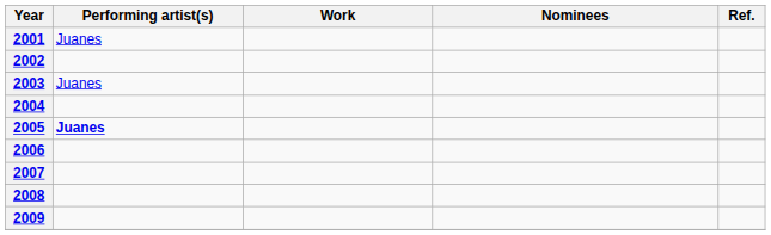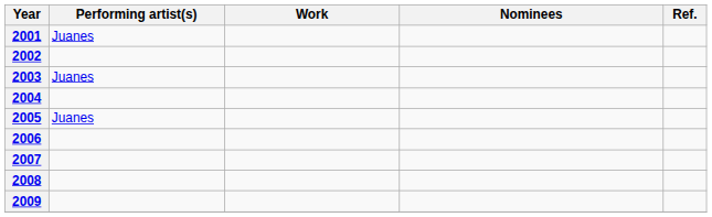 <table class="wikitable plainrowheaders sortable">
 <tr>
 <th scope="col" width="5%">Year</th>
 <th scope="col" width="20%">Performing artist(s)</th>
 <th scope="col" width="20%">Work</th>
 <th scope="col" class="unsortable" width="30%">Nominees</th>
 <th scope="col" class="unsortable" width="5%">Ref.</th>
 </tr>
 <tr>
 <th scope="row" style="text-align:center;"><a href='#'><strong>2001</strong></a></th>
 <td scope="row"><a href='#'>Juanes</a></td>
 <td scope="row"></td>
 <td scope="row"></td>
 <td align="center" scope="row"></td>
 </tr>
 <tr>
 <th scope="row" style="text-align:center;"><a href='#'><strong>2002</strong></a></th>
 <td scope="row"></td>
 <td scope="row"></td>
 <td scope="row"></td>
 <td align="center" scope="row"></td>
 </tr>
 <tr>
 <th scope="row" style="text-align:center;"><a href='#'><strong>2003</strong></a></th>
 <td scope="row"><a href='#'>Juanes</a></td>
 <td scope="row"></td>
 <td scope="row"></td>
 <td align="center" scope="row"></td>
 </tr>
 <tr>
 <th scope="row" style="text-align:center;"><a href='#'><strong>2004</strong></a></th>
 <td scope="row"></td>
 <td scope="row"></td>
 <td scope="row"></td>
 <td align="center" scope="row"></td>
 </tr>
 <tr>
 <th scope="row" style="text-align:center;"><a href='#'><strong>2005</strong></a></th>
-<td scope="row"><strong><a href='#'>Juanes</a></strong></td>
+<td scope="row"><a href='#'>Juanes</a></td>
 <td scope="row"></td>
 <td scope="row"></td>
 <td align="center" scope="row"></td>
 </tr>
 <tr>
 <th scope="row" style="text-align:center;"><a href='#'><strong>2006</strong></a></th>
 <td scope="row"></td>
 <td scope="row"></td>
 <td scope="row"></td>
 <td align="center" scope="row"></td>
 </tr>
 <tr>
 <th scope="row" style="text-align:center;"><a href='#'><strong>2007</strong></a></th>
 <td scope="row"></td>
 <td scope="row"></td>
 <td scope="row"></td>
 <td align="center" scope="row"></td>
 </tr>
 <tr>
 <th scope="row" style="text-align:center;"><a href='#'><strong>2008</strong></a></th>
 <td scope="row"></td>
 <td scope="row"></td>
 <td scope="row"></td>
 <td align="center" scope="row"></td>
 </tr>
 <tr>
 <th scope="row" style="text-align:center;"><a href='#'><strong>2009</strong></a></th>
 <td scope="row"></td>
 <td scope="row"></td>
 <td scope="row"></td>
 <td align="center" scope="row"></td>
 </tr>
 <tr>
 </tr>
 </table>
